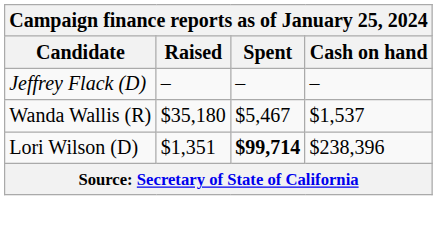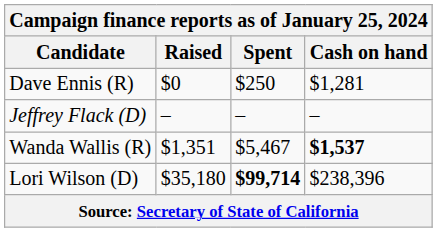 <table class="wikitable sortable">
 <tr>
 <th colspan=4>Campaign finance reports as of January 25, 2024</th>
 </tr>
 <tr style="text-align:center;">
 <th>Candidate</th>
 <th>Raised</th>
 <th>Spent</th>
 <th>Cash on hand</th>
 </tr>
 <tr>
+<td style="background-color:">Dave Ennis (R)</td>
+<td>$0</td>
+<td>$250</td>
+<td>$1,281</td>
+</tr>
+<tr>
 <td style="color:black;background-color:"><em>Jeffrey Flack (D)</em></td>
 <td>–</td>
 <td>–</td>
 <td>–</td>
 </tr>
 <tr>
 <td style="background-color:">Wanda Wallis (R)</td>
-<td>$35,180</td>
+<td>$1,351</td>
 <td>$5,467</td>
-<td>$1,537</td>
+<td><strong>$1,537</strong></td>
 </tr>
 <tr>
 <td style="color:black;background-color:">Lori Wilson (D)</td>
-<td>$1,351</td>
+<td>$35,180</td>
 <td><strong>$99,714</strong></td>
 <td>$238,396</td>
 </tr>
 <tr>
 <th colspan="4"><small>Source: <a href='#'>Secretary of State of California</a></small></th>
 </tr>
 </table>
